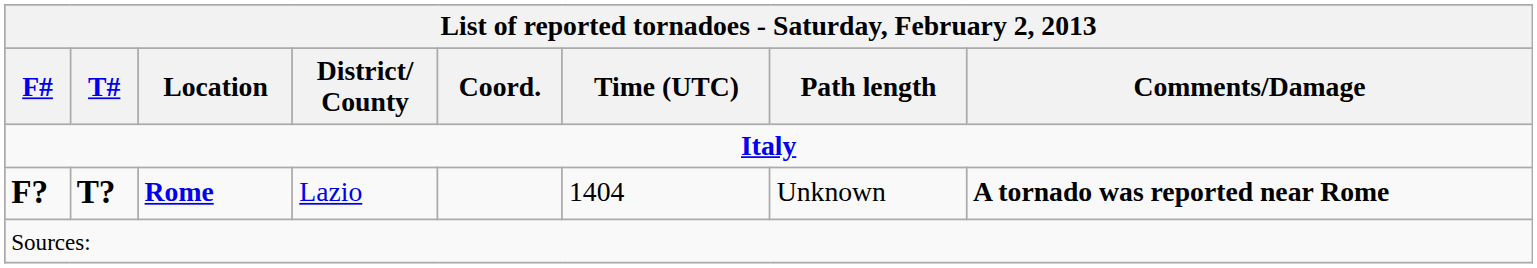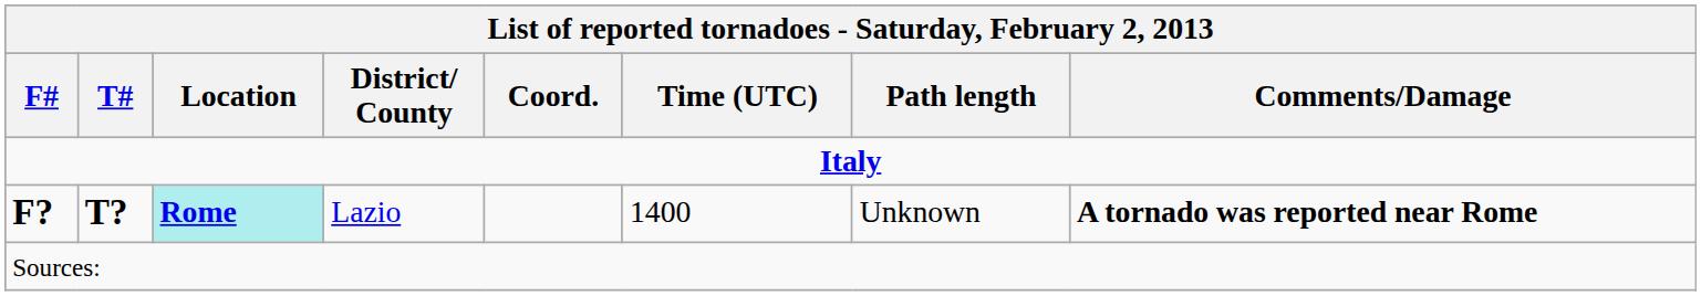 <table class="wikitable collapsible" width="100%">
 <tr>
 <th colspan="8">List of reported tornadoes - Saturday, February 2, 2013</th>
 </tr>
 <tr>
 <th><a href='#'>F#</a></th>
 <th><a href='#'>T#</a></th>
 <th>Location</th>
 <th>District/<br>County</th>
 <th>Coord.</th>
 <th>Time (UTC)</th>
 <th>Path length</th>
 <th>Comments/Damage</th>
 </tr>
 <tr>
 <td colspan="8" align=center><strong><a href='#'>Italy</a></strong></td>
 </tr>
 <tr>
 <td><big><strong>F?</strong></big></td>
 <td><big><strong>T?</strong></big></td>
-<td><strong><a href='#'>Rome</a></strong></td>
+<td style="background: paleturquoise;"><strong><a href='#'>Rome</a></strong></td>
 <td><a href='#'>Lazio</a></td>
 <td></td>
-<td>1404</td>
+<td>1400</td>
 <td>Unknown</td>
 <td><strong>A tornado was reported near Rome</strong></td>
 </tr>
 <tr>
 <td colspan="8"><small>Sources:  </small></td>
 </tr>
 </table>
